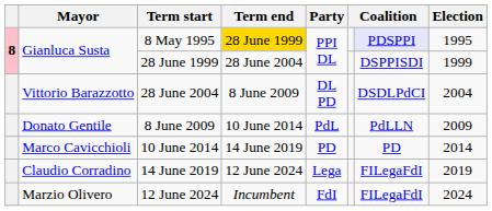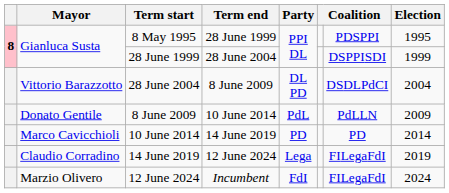 <table class="wikitable">
 <tr>
 <th class=unsortable> </th>
 <th>Mayor</th>
 <th>Term start</th>
 <th>Term end</th>
 <th>Party</th>
 <th colspan="2">Coalition</th>
 <th>Election</th>
 </tr>
 <tr>
 <th rowspan=2 style="background:pink;"><strong>8</strong></th>
 <td rowspan=2><a href='#'>Gianluca Susta</a></td>
 <td align=center>8 May 1995</td>
-<td align=center style="background: gold;">28 June 1999</td>
+<td align=center>28 June 1999</td>
 <td align=center rowspan=2><a href='#'>PPI</a><br><a href='#'>DL</a></td>
 <td style="background:"></td>
-<td align=center style="background: lavender;"><a href='#'>PDS</a><a href='#'>PPI</a></td>
+<td align=center><a href='#'>PDS</a><a href='#'>PPI</a></td>
 <td align=center>1995</td>
 </tr>
 <tr>
 <td align=center>28 June 1999</td>
 <td align=center>28 June 2004</td>
 <td style="background:"></td>
 <td align=center><a href='#'>DS</a><a href='#'>PPI</a><a href='#'>SDI</a></td>
 <td align=center>1999</td>
 </tr>
 <tr>
 <th style="background:"></th>
 <td><a href='#'>Vittorio Barazzotto</a></td>
 <td align=center>28 June 2004</td>
 <td align=center>8 June 2009</td>
 <td align=center><a href='#'>DL</a><br><a href='#'>PD</a></td>
 <td style="background:"></td>
 <td align=center><a href='#'>DS</a><a href='#'>DL</a><a href='#'>PdCI</a></td>
 <td align=center>2004</td>
 </tr>
 <tr>
 <th style="background:"></th>
 <td><a href='#'>Donato Gentile</a></td>
 <td align=center>8 June 2009</td>
 <td align=center>10 June 2014</td>
 <td align=center><a href='#'>PdL</a></td>
 <td style="background:"></td>
 <td align=center><a href='#'>PdL</a><a href='#'>LN</a></td>
 <td align=center>2009</td>
 </tr>
 <tr>
 <th style="background:"></th>
 <td><a href='#'>Marco Cavicchioli</a></td>
 <td align=center>10 June 2014</td>
 <td align=center>14 June 2019</td>
 <td align=center><a href='#'>PD</a></td>
 <td style="background:"></td>
 <td align=center><a href='#'>PD</a></td>
 <td align=center>2014</td>
 </tr>
 <tr>
 <th style="background:"></th>
 <td><a href='#'>Claudio Corradino</a></td>
 <td align=center>14 June 2019</td>
 <td align=center>12 June 2024</td>
 <td align=center><a href='#'>Lega</a></td>
 <td style="background:"></td>
 <td align=center><a href='#'>FI</a><a href='#'>Lega</a><a href='#'>FdI</a></td>
 <td align=center>2019</td>
 </tr>
 <tr>
 <th style="background:"></th>
 <td>Marzio Olivero</td>
 <td align=center>12 June 2024</td>
 <td align=center><em>Incumbent</em></td>
 <td align=center><a href='#'>FdI</a></td>
 <td style="background:"></td>
 <td align=center><a href='#'>FI</a><a href='#'>Lega</a><a href='#'>FdI</a></td>
 <td align=center>2024</td>
 </tr>
 </table>
